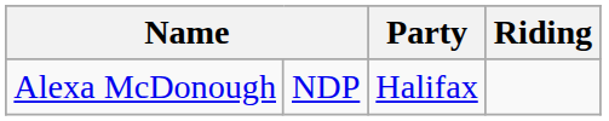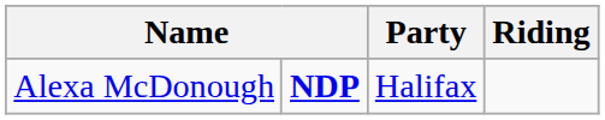 <table class="wikitable">
 <tr>
 <th colspan="2">Name</th>
 <th>Party</th>
 <th>Riding</th>
 </tr>
 <tr>
 <td><a href='#'>Alexa McDonough</a></td>
-<td><a href='#'>NDP</a></td>
+<td><strong><a href='#'>NDP</a></strong></td>
 <td><a href='#'>Halifax</a></td>
 </tr>
 </table>
